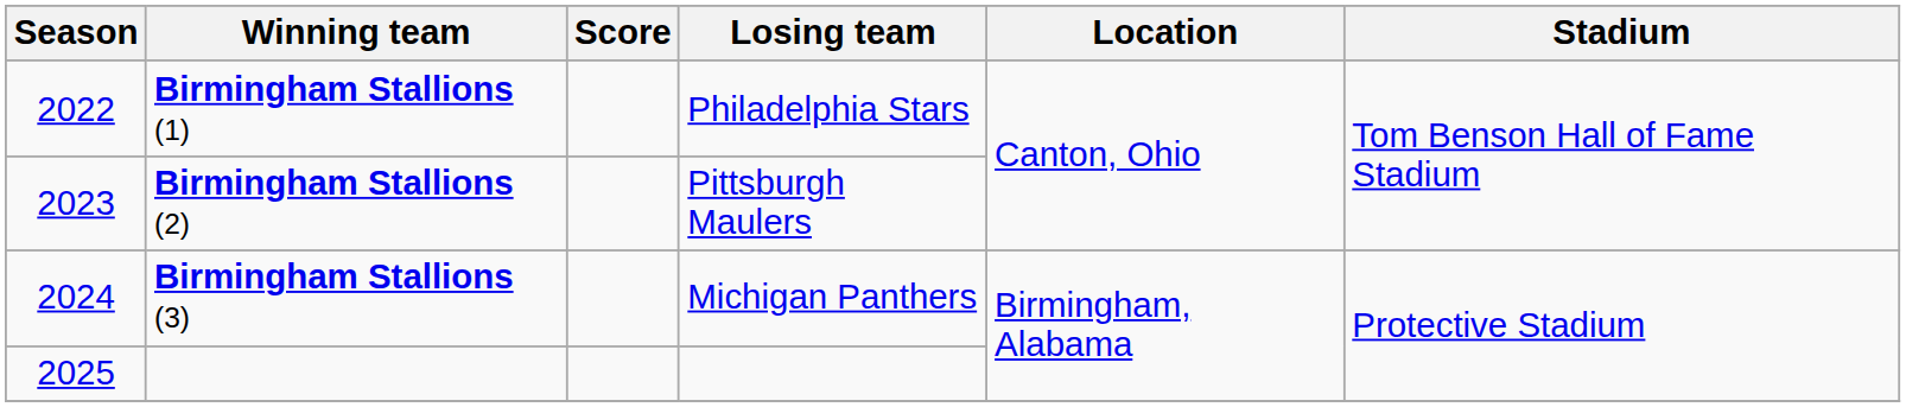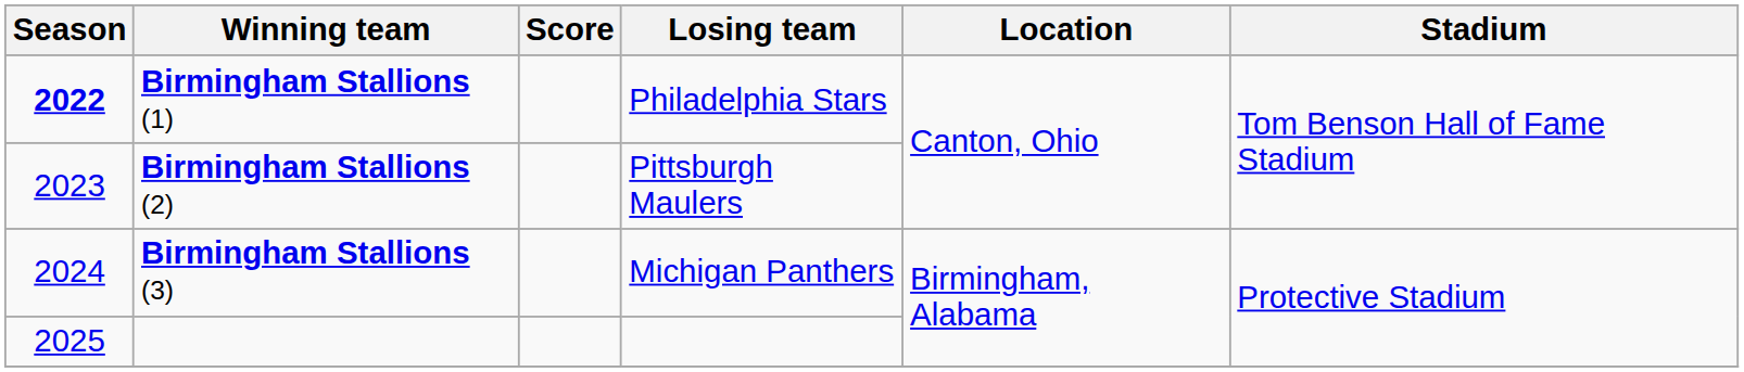 <table class="wikitable sortable">
 <tr style="background:#efefef;">
 <th>Season</th>
 <th>Winning team</th>
 <th>Score</th>
 <th>Losing team</th>
 <th>Location</th>
 <th>Stadium</th>
 </tr>
 <tr>
-<td align=center><a href='#'>2022</a></td>
+<td align=center><strong><a href='#'>2022</a></strong></td>
 <td><strong><a href='#'>Birmingham Stallions</a></strong> <small>(1)</small></td>
 <td></td>
 <td><a href='#'>Philadelphia Stars</a></td>
 <td rowspan=2><a href='#'>Canton, Ohio</a></td>
 <td rowspan=2><a href='#'>Tom Benson Hall of Fame Stadium</a></td>
 </tr>
 <tr>
 <td align=center><a href='#'>2023</a></td>
 <td><strong><a href='#'>Birmingham Stallions</a></strong> <small>(2)</small></td>
 <td></td>
 <td><a href='#'>Pittsburgh Maulers</a></td>
 </tr>
 <tr>
 <td align=center><a href='#'>2024</a></td>
 <td><strong><a href='#'>Birmingham Stallions</a></strong> <small>(3)</small></td>
 <td></td>
 <td><a href='#'>Michigan Panthers</a></td>
 <td rowspan=2><a href='#'>Birmingham, Alabama</a></td>
 <td rowspan=2><a href='#'>Protective Stadium</a></td>
 </tr>
 <tr>
 <td align=center><a href='#'>2025</a></td>
 <td></td>
 <td></td>
 <td></td>
 </tr>
 <tr>
 </tr>
 </table>
